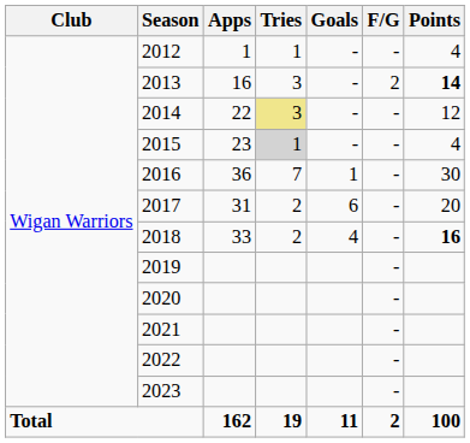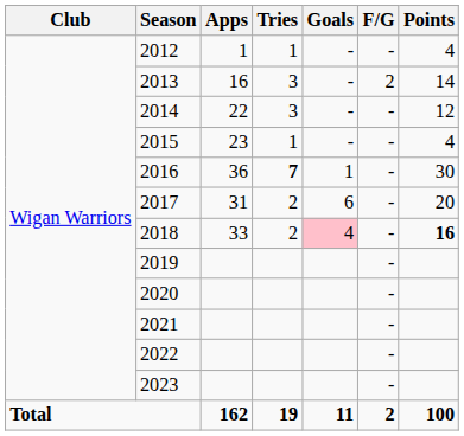 <table class="wikitable">
 <tr>
 <th>Club</th>
 <th>Season</th>
 <th>Apps</th>
 <th>Tries</th>
 <th>Goals</th>
 <th>F/G</th>
 <th>Points</th>
 </tr>
 <tr>
 <td rowspan="12"> <a href='#'>Wigan Warriors</a></td>
 <td>2012</td>
 <td align=right>1</td>
 <td align=right>1</td>
 <td align=right>-</td>
 <td align=right>-</td>
 <td align=right>4</td>
 </tr>
 <tr>
 <td>2013</td>
 <td align=right>16</td>
 <td align=right>3</td>
 <td align=right>-</td>
 <td align=right>2</td>
-<td align=right><strong>14</strong></td>
+<td align=right>14</td>
 </tr>
 <tr>
 <td>2014</td>
 <td align=right>22</td>
-<td align=right style="background: khaki;">3</td>
+<td align=right>3</td>
 <td align=right>-</td>
 <td align=right>-</td>
 <td align=right>12</td>
 </tr>
 <tr>
 <td>2015</td>
 <td align=right>23</td>
-<td align=right style="background: lightgrey;">1</td>
+<td align=right>1</td>
 <td align=right>-</td>
 <td align=right>-</td>
 <td align=right>4</td>
 </tr>
 <tr>
 <td>2016</td>
 <td align=right>36</td>
-<td align=right>7</td>
+<td align=right><strong>7</strong></td>
 <td align=right>1</td>
 <td align=right>-</td>
 <td align=right>30</td>
 </tr>
 <tr>
 <td>2017</td>
 <td align=right>31</td>
 <td align=right>2</td>
 <td align=right>6</td>
 <td align=right>-</td>
 <td align=right>20</td>
 </tr>
 <tr>
 <td>2018</td>
 <td align=right>33</td>
 <td align=right>2</td>
-<td align=right>4</td>
+<td align=right style="background: pink;">4</td>
 <td align=right>-</td>
 <td align=right><strong>16</strong></td>
 </tr>
 <tr>
 <td>2019</td>
 <td align=right></td>
 <td align=right></td>
 <td align=right></td>
 <td align=right>-</td>
 <td align=right></td>
 </tr>
 <tr>
 <td>2020</td>
 <td align=right></td>
 <td align=right></td>
 <td align=right></td>
 <td align=right>-</td>
 <td align=right></td>
 </tr>
 <tr>
 <td>2021</td>
 <td align=right></td>
 <td align=right></td>
 <td align=right></td>
 <td align=right>-</td>
 <td align=right></td>
 </tr>
 <tr>
 <td>2022</td>
 <td align=right></td>
 <td align=right></td>
 <td align=right></td>
 <td align=right>-</td>
 <td align=right></td>
 </tr>
 <tr>
 <td>2023</td>
 <td align=right></td>
 <td align=right></td>
 <td align=right></td>
 <td align=right>-</td>
 <td align=right></td>
 </tr>
 <tr>
 <td colspan="2"><strong>Total</strong></td>
 <td align=right><strong>162</strong></td>
 <td align=right><strong>19</strong></td>
 <td align=right><strong>11</strong></td>
 <td align=right><strong>2</strong></td>
 <td align=right><strong>100</strong></td>
 </tr>
 </table>
